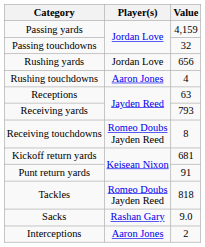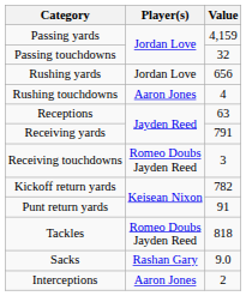 <table class="wikitable" style="text-align:center">
 <tr>
 <th>Category</th>
 <th>Player(s)</th>
 <th>Value</th>
 </tr>
 <tr>
 <td>Passing yards</td>
 <td rowspan="2"><a href='#'>Jordan Love</a></td>
 <td>4,159</td>
 </tr>
 <tr>
 <td>Passing touchdowns</td>
 <td>32</td>
 </tr>
 <tr>
 <td>Rushing yards</td>
 <td>Jordan Love</td>
 <td>656</td>
 </tr>
 <tr>
 <td>Rushing touchdowns</td>
 <td><a href='#'>Aaron Jones</a></td>
 <td>4</td>
 </tr>
 <tr>
 <td>Receptions</td>
 <td rowspan=2><a href='#'>Jayden Reed</a></td>
 <td>63</td>
 </tr>
 <tr>
 <td>Receiving yards</td>
-<td>793</td>
+<td>791</td>
 </tr>
 <tr>
 <td>Receiving touchdowns</td>
 <td><a href='#'>Romeo Doubs</a><br>Jayden Reed</td>
-<td>8</td>
+<td>3</td>
 </tr>
 <tr>
 <td>Kickoff return yards</td>
 <td rowspan="2"><a href='#'>Keisean Nixon</a></td>
-<td>681</td>
+<td>782</td>
 </tr>
 <tr>
 <td>Punt return yards</td>
 <td>91</td>
 </tr>
 <tr>
 <td>Tackles</td>
 <td><a href='#'>Romeo Doubs</a><br>Jayden Reed</td>
 <td>818</td>
 </tr>
 <tr>
 <td>Sacks</td>
 <td><a href='#'>Rashan Gary</a></td>
 <td>9.0</td>
 </tr>
 <tr>
 <td>Interceptions</td>
 <td><a href='#'>Aaron Jones</a></td>
 <td>2</td>
 </tr>
 </table>
